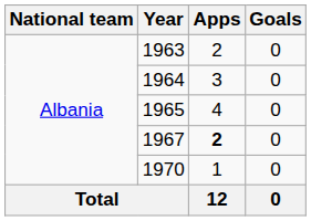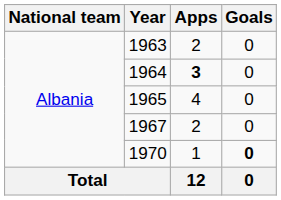 <table class=wikitable style="text-align: center;">
 <tr>
 <th>National team</th>
 <th>Year</th>
 <th>Apps</th>
 <th>Goals</th>
 </tr>
 <tr>
 <td rowspan=5><a href='#'>Albania</a></td>
 <td>1963</td>
 <td>2</td>
 <td>0</td>
 </tr>
 <tr>
 <td>1964</td>
-<td>3</td>
+<td><strong>3</strong></td>
 <td>0</td>
 </tr>
 <tr>
 <td>1965</td>
 <td>4</td>
 <td>0</td>
 </tr>
 <tr>
 <td>1967</td>
-<td><strong>2</strong></td>
+<td>2</td>
 <td>0</td>
 </tr>
 <tr>
 <td>1970</td>
 <td>1</td>
-<td>0</td>
+<td><strong>0</strong></td>
 </tr>
 <tr>
 <th colspan=2>Total</th>
 <th>12</th>
 <th>0</th>
 </tr>
 </table>
